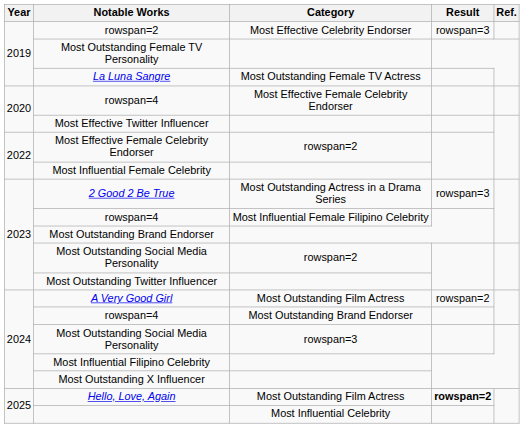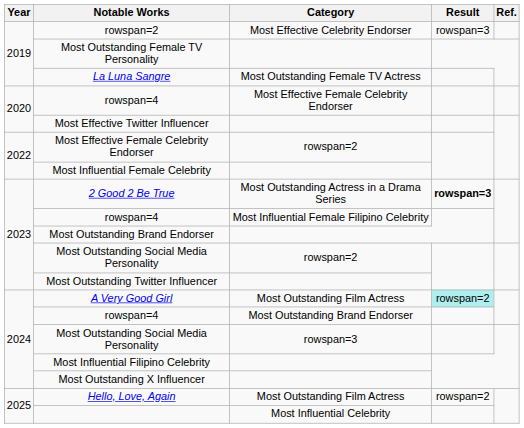 <table class="wikitable sortable"  style="text-align:center; width:60%;">
 <tr>
 <th>Year</th>
 <th>Notable Works</th>
 <th>Category</th>
 <th>Result</th>
 <th>Ref.</th>
 </tr>
 <tr>
 <td rowspan=3>2019</td>
 <td>rowspan=2 </td>
 <td>Most Effective Celebrity Endorser</td>
 <td>rowspan=3 </td>
 <td></td>
 </tr>
 <tr>
 <td>Most Outstanding Female TV Personality</td>
 <td></td>
 </tr>
 <tr>
 <td><em><a href='#'>La Luna Sangre</a></em></td>
 <td>Most Outstanding Female TV Actress</td>
 <td></td>
 </tr>
 <tr>
 <td rowspan=2>2020</td>
 <td>rowspan=4 </td>
 <td>Most Effective Female Celebrity Endorser</td>
 <td></td>
 <td></td>
 </tr>
 <tr>
 <td>Most Effective Twitter Influencer</td>
 <td></td>
 <td></td>
 </tr>
 <tr>
 <td rowspan=2>2022</td>
 <td>Most Effective Female Celebrity Endorser</td>
 <td>rowspan=2 </td>
 <td rowspan=2></td>
 </tr>
 <tr>
 <td>Most Influential Female Celebrity</td>
 </tr>
 <tr>
 <td rowspan=5>2023</td>
 <td><em><a href='#'>2 Good 2 Be True</a></em></td>
 <td>Most Outstanding Actress in a Drama Series</td>
-<td>rowspan=3 </td>
+<td><strong>rowspan=3 </strong></td>
 <td rowspan=3></td>
 </tr>
 <tr>
 <td>rowspan=4 </td>
 <td>Most Influential Female Filipino Celebrity</td>
 </tr>
 <tr>
 <td>Most Outstanding Brand Endorser</td>
 </tr>
 <tr>
 <td>Most Outstanding Social Media Personality</td>
 <td>rowspan=2 </td>
 <td rowspan=2></td>
 </tr>
 <tr>
 <td>Most Outstanding Twitter Influencer</td>
 </tr>
 <tr>
 <td rowspan=5>2024</td>
 <td><em><a href='#'>A Very Good Girl</a></em></td>
 <td>Most Outstanding Film Actress</td>
-<td>rowspan=2 </td>
+<td style="background: paleturquoise;">rowspan=2 </td>
 <td rowspan=2></td>
 </tr>
 <tr>
 <td>rowspan=4 </td>
 <td>Most Outstanding Brand Endorser</td>
 </tr>
 <tr>
 <td>Most Outstanding Social Media Personality</td>
 <td>rowspan=3 </td>
 <td></td>
 </tr>
 <tr>
 <td>Most Influential Filipino Celebrity</td>
 <td></td>
 </tr>
 <tr>
 <td>Most Outstanding X Influencer</td>
 <td></td>
 </tr>
 <tr>
 <td rowspan=2>2025</td>
 <td><em><a href='#'>Hello, Love, Again</a></em></td>
 <td>Most Outstanding Film Actress</td>
-<td><strong>rowspan=2 </strong></td>
+<td>rowspan=2 </td>
 <td rowspan=2 align="center"></td>
 </tr>
 <tr>
 <td></td>
 <td>Most Influential Celebrity</td>
 </tr>
 </table>
